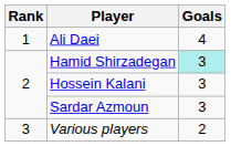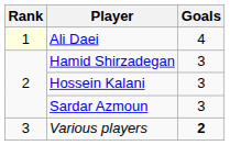 <table class="wikitable" align="center">
 <tr align="center">
 <th>Rank</th>
 <th>Player</th>
 <th>Goals</th>
 </tr>
 <tr>
-<td align=center>1</td>
+<td align=center style="background: lightyellow;">1</td>
 <td> <a href='#'>Ali Daei</a></td>
 <td align=center>4</td>
 </tr>
 <tr>
 <td align=center rowspan="3">2</td>
 <td> <a href='#'>Hamid Shirzadegan</a></td>
-<td align=center style="background: paleturquoise;">3</td>
+<td align=center>3</td>
 </tr>
 <tr>
 <td> <a href='#'>Hossein Kalani</a></td>
 <td align=center>3</td>
 </tr>
 <tr>
 <td> <a href='#'>Sardar Azmoun</a></td>
 <td align=center>3</td>
 </tr>
 <tr>
 <td align=center>3</td>
 <td><em>Various players</em></td>
-<td align=center>2</td>
+<td align=center><strong>2</strong></td>
 </tr>
 </table>
